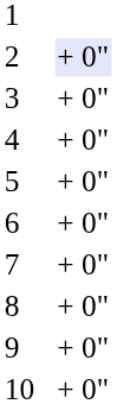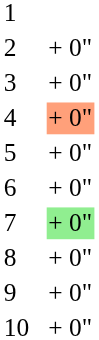 <table style="clear:both;">
 <tr>
 <td></td>
 </tr>
 <tr>
 <td>1</td>
 <td></td>
 <td></td>
 <td align="right"></td>
 </tr>
 <tr>
 <td>2</td>
 <td></td>
 <td></td>
-<td align="right" style="background: lavender;">+ 0"</td>
+<td align="right">+ 0"</td>
 </tr>
 <tr>
 <td>3</td>
 <td></td>
 <td></td>
 <td align="right">+ 0"</td>
 </tr>
 <tr>
 <td>4</td>
 <td></td>
 <td></td>
-<td align="right">+ 0"</td>
+<td align="right" style="background: lightsalmon;">+ 0"</td>
 </tr>
 <tr>
 <td>5</td>
 <td></td>
 <td></td>
 <td align="right">+ 0"</td>
 </tr>
 <tr>
 <td>6</td>
 <td></td>
 <td></td>
 <td align="right">+ 0"</td>
 </tr>
 <tr>
 <td>7</td>
 <td></td>
 <td></td>
-<td align="right">+ 0"</td>
+<td align="right" style="background: lightgreen;">+ 0"</td>
 </tr>
 <tr>
 <td>8</td>
 <td></td>
 <td></td>
 <td align="right">+ 0"</td>
 </tr>
 <tr>
 <td>9</td>
 <td></td>
 <td></td>
 <td align="right">+ 0"</td>
 </tr>
 <tr>
 <td>10</td>
 <td></td>
 <td></td>
 <td align="right">+ 0"</td>
 </tr>
 </table>
